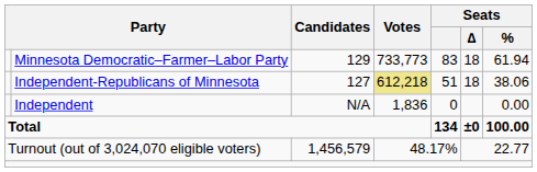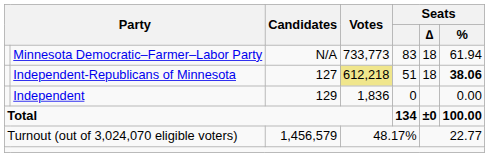 <table class="wikitable">
 <tr>
 <th rowspan="2" colspan="2">Party</th>
 <th rowspan="2">Candidates</th>
 <th rowspan="2" colspan="1">Votes</th>
 <th colspan="3">Seats</th>
 </tr>
 <tr>
 <th></th>
 <th>∆</th>
 <th>%</th>
 </tr>
 <tr>
 <td style="background-color:"></td>
 <td><a href='#'>Minnesota Democratic–Farmer–Labor Party</a></td>
-<td align="right">129</td>
+<td align="right">N/A</td>
 <td align="right">733,773</td>
 <td align="right">83</td>
 <td align="right">18</td>
 <td align="right">61.94</td>
 </tr>
 <tr>
 <td style="background-color:"></td>
 <td><a href='#'>Independent-Republicans of Minnesota</a></td>
 <td align="right">127</td>
 <td align="right" style="background: khaki;">612,218</td>
 <td align="right">51</td>
 <td align="right">18</td>
-<td align="right">38.06</td>
+<td align="right"><strong>38.06</strong></td>
 </tr>
 <tr>
 <td style="background-color:"></td>
 <td><a href='#'>Independent</a></td>
-<td align="right">N/A</td>
+<td align="right">129</td>
 <td align="right">1,836</td>
 <td align="right">0</td>
 <td align="right"></td>
 <td align="right">0.00</td>
 </tr>
 <tr>
 <td colspan="4" align="left"><strong>Total</strong></td>
 <td align="right"><strong>134</strong></td>
 <td align="right"><strong>±0</strong></td>
 <td align="right"><strong>100.00</strong></td>
 </tr>
 <tr>
 <td colspan="2" align="left">Turnout (out of 3,024,070 eligible voters)</td>
 <td colspan="1" align="right">1,456,579</td>
 <td colspan="2" align="right">48.17%</td>
 <td colspan="2" align="right">22.77 </td>
 </tr>
 <tr>
 <td colspan="7"></td>
 </tr>
 </table>
